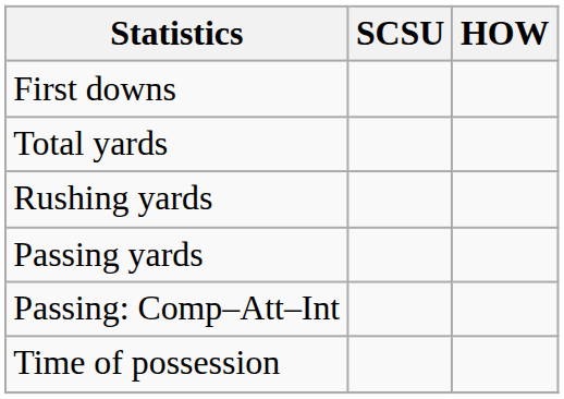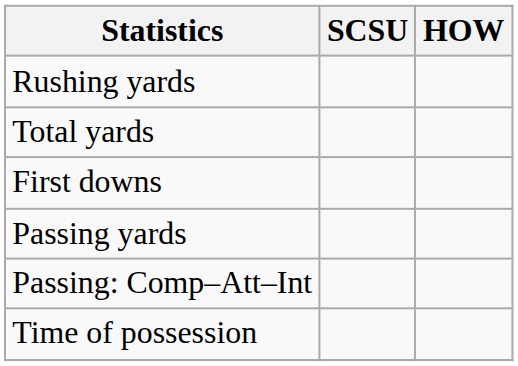 <table class="wikitable" style="float: left;">
 <tr>
 <th>Statistics</th>
 <th>SCSU</th>
 <th>HOW</th>
 </tr>
 <tr>
-<td>First downs</td>
+<td>Rushing yards</td>
 <td></td>
 <td></td>
 </tr>
 <tr>
 <td>Total yards</td>
 <td></td>
 <td></td>
 </tr>
 <tr>
-<td>Rushing yards</td>
+<td>First downs</td>
 <td></td>
 <td></td>
 </tr>
 <tr>
 <td>Passing yards</td>
 <td></td>
 <td></td>
 </tr>
 <tr>
 <td>Passing: Comp–Att–Int</td>
 <td></td>
 <td></td>
 </tr>
 <tr>
 <td>Time of possession</td>
 <td></td>
 <td></td>
 </tr>
 <tr>
 </tr>
 </table>
